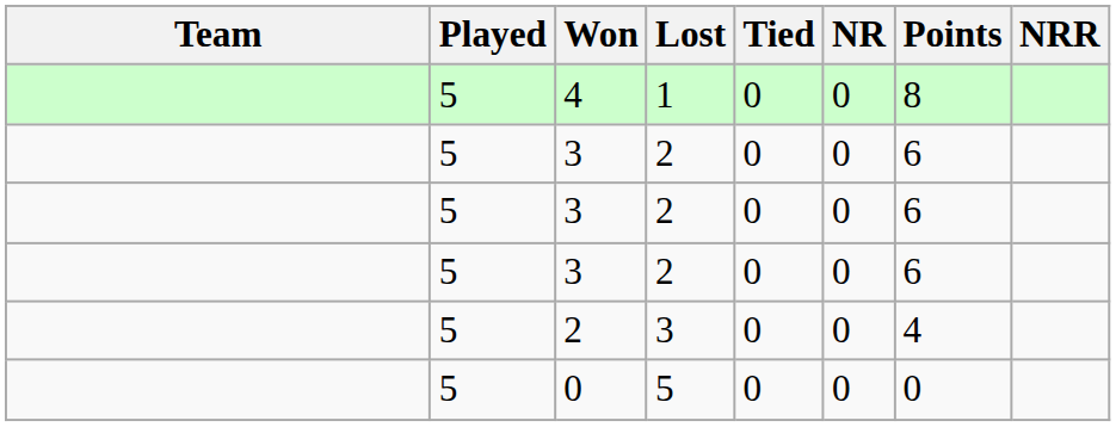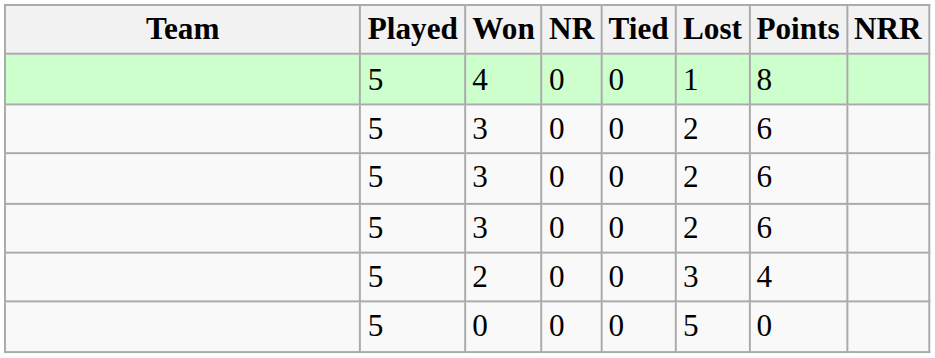 <table class="wikitable">
 <tr>
 <th width=175>Team</th>
 <th>Played</th>
 <th>Won</th>
+<th>NR</th>
+<th>Tied</th>
 <th>Lost</th>
-<th>Tied</th>
-<th>NR</th>
 <th>Points</th>
 <th>NRR</th>
 </tr>
 <tr style="background:#ccffcc">
 <td></td>
 <td>5</td>
 <td>4</td>
-<td>1</td>
 <td>0</td>
 <td>0</td>
+<td>1</td>
 <td>8</td>
 <td></td>
 </tr>
 <tr>
 <td></td>
 <td>5</td>
 <td>3</td>
-<td>2</td>
 <td>0</td>
 <td>0</td>
+<td>2</td>
 <td>6</td>
 <td></td>
 </tr>
 <tr>
 <td></td>
 <td>5</td>
 <td>3</td>
-<td>2</td>
 <td>0</td>
 <td>0</td>
+<td>2</td>
 <td>6</td>
 <td></td>
 </tr>
 <tr>
 <td></td>
 <td>5</td>
 <td>3</td>
-<td>2</td>
 <td>0</td>
 <td>0</td>
+<td>2</td>
 <td>6</td>
 <td></td>
 </tr>
 <tr>
 <td></td>
 <td>5</td>
 <td>2</td>
-<td>3</td>
 <td>0</td>
 <td>0</td>
+<td>3</td>
 <td>4</td>
 <td></td>
 </tr>
 <tr>
 <td></td>
 <td>5</td>
 <td>0</td>
-<td>5</td>
 <td>0</td>
 <td>0</td>
+<td>5</td>
 <td>0</td>
 <td></td>
 </tr>
 </table>
